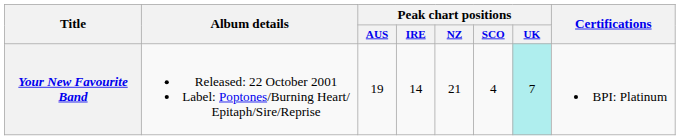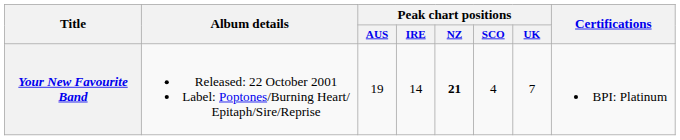 <table class="wikitable plainrowheaders" style="text-align:center;" border="1">
 <tr>
 <th scope="col" rowspan="2" style="width:10em;">Title</th>
 <th scope="col" rowspan="2" style="width:16em;">Album details</th>
 <th scope="col" colspan="5">Peak chart positions</th>
 <th scope="col" rowspan="2" style="width:9em;"><a href='#'>Certifications</a></th>
 </tr>
 <tr>
 <th scope="col" style="width:3em;font-size:85%;"><a href='#'>AUS</a><br></th>
 <th scope="col" style="width:3em;font-size:85%;"><a href='#'>IRE</a><br></th>
 <th scope="col" style="width:3em;font-size:85%;"><a href='#'>NZ</a><br></th>
 <th scope="col" style="width:3em;font-size:85%;"><a href='#'>SCO</a><br></th>
 <th scope="col" style="width:3em;font-size:85%;"><a href='#'>UK</a><br></th>
 </tr>
 <tr>
 <th scope="row"><em><a href='#'>Your New Favourite Band</a></em></th>
 <td><br><ul><li>Released: 22 October 2001</li><li>Label: <a href='#'>Poptones</a>/Burning Heart/<br>Epitaph/Sire/Reprise</li></ul></td>
 <td>19</td>
 <td>14</td>
-<td>21</td>
+<td><strong>21</strong></td>
 <td>4</td>
-<td style="background: paleturquoise;">7</td>
+<td>7</td>
 <td><br><ul><li>BPI: Platinum</li></ul></td>
 </tr>
 </table>
